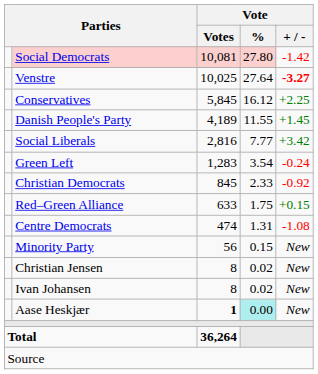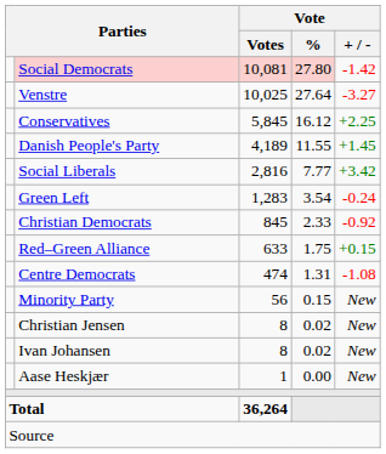 <table class="wikitable" style="text-align:right;">
 <tr>
 <th style="text-align:centre;" rowspan="2" colspan="2" width="225">Parties</th>
 <th colspan="3">Vote</th>
 </tr>
 <tr>
 <th width="15">Votes</th>
 <th width="15">%</th>
 <th width="15">+ / -</th>
 </tr>
 <tr>
 <td width="2" style="color:inherit;background:"></td>
 <td bgcolor=#fbd0ce  align="left"><a href='#'>Social Democrats</a></td>
 <td bgcolor=#fbd0ce>10,081</td>
 <td bgcolor=#fbd0ce>27.80</td>
 <td style=color:red;>-1.42</td>
 </tr>
 <tr>
 <td width="2" style="color:inherit;background:"></td>
 <td align="left"><a href='#'>Venstre</a></td>
 <td>10,025</td>
 <td>27.64</td>
-<td style=color:red;><strong>-3.27</strong></td>
+<td style=color:red;>-3.27</td>
 </tr>
 <tr>
 <td width="2" style="color:inherit;background:"></td>
 <td align="left"><a href='#'>Conservatives</a></td>
 <td>5,845</td>
 <td>16.12</td>
 <td style=color:green;>+2.25</td>
 </tr>
 <tr>
 <td width="2" style="color:inherit;background:"></td>
 <td align="left"><a href='#'>Danish People's Party</a></td>
 <td>4,189</td>
 <td>11.55</td>
 <td style=color:green;>+1.45</td>
 </tr>
 <tr>
 <td width="2" style="color:inherit;background:"></td>
 <td align="left"><a href='#'>Social Liberals</a></td>
 <td>2,816</td>
 <td>7.77</td>
 <td style=color:green;>+3.42</td>
 </tr>
 <tr>
 <td width="2" style="color:inherit;background:"></td>
 <td align="left"><a href='#'>Green Left</a></td>
 <td>1,283</td>
 <td>3.54</td>
 <td style=color:red;>-0.24</td>
 </tr>
 <tr>
 <td width="2" style="color:inherit;background:"></td>
 <td align="left"><a href='#'>Christian Democrats</a></td>
 <td>845</td>
 <td>2.33</td>
 <td style=color:red;>-0.92</td>
 </tr>
 <tr>
 <td width="2" style="color:inherit;background:"></td>
 <td align="left"><a href='#'>Red–Green Alliance</a></td>
 <td>633</td>
 <td>1.75</td>
 <td style=color:green;>+0.15</td>
 </tr>
 <tr>
 <td width="2" style="color:inherit;background:"></td>
 <td align="left"><a href='#'>Centre Democrats</a></td>
 <td>474</td>
 <td>1.31</td>
 <td style=color:red;>-1.08</td>
 </tr>
 <tr>
 <td width="2" style="color:inherit;background:"></td>
 <td align="left"><a href='#'>Minority Party</a></td>
 <td>56</td>
 <td>0.15</td>
 <td><em>New</em></td>
 </tr>
 <tr>
 <td width="2" style="color:inherit;background:"></td>
 <td align="left">Christian Jensen</td>
 <td>8</td>
 <td>0.02</td>
 <td><em>New</em></td>
 </tr>
 <tr>
 <td width="2" style="color:inherit;background:"></td>
 <td align="left">Ivan Johansen</td>
 <td>8</td>
 <td>0.02</td>
 <td><em>New</em></td>
 </tr>
 <tr>
 <td width="2" style="color:inherit;background:"></td>
 <td align="left">Aase Heskjær</td>
-<td><strong>1</strong></td>
-<td style="background: paleturquoise;">0.00</td>
+<td>1</td>
+<td>0.00</td>
 <td><em>New</em></td>
 </tr>
 <tr>
 <td colspan="7" bgcolor="#E9E9E9"></td>
 </tr>
 <tr>
 <td align="left" colspan="2"><strong>Total</strong></td>
 <td><strong>36,264</strong></td>
 <td bgcolor="#E9E9E9" colspan="2"></td>
 </tr>
 <tr>
 <td align="left" colspan="6">Source</td>
 </tr>
 </table>
